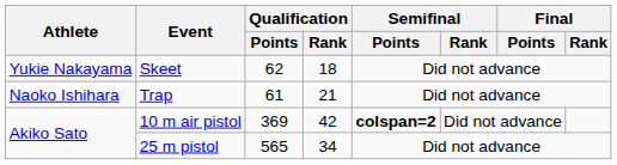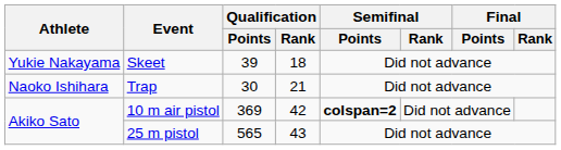 <table class="wikitable" style="font-size:90%">
 <tr>
 <th rowspan="2">Athlete</th>
 <th rowspan="2">Event</th>
 <th colspan=2>Qualification</th>
 <th colspan=2>Semifinal</th>
 <th colspan=2>Final</th>
 </tr>
 <tr style="font-size:95%">
 <th>Points</th>
 <th>Rank</th>
 <th>Points</th>
 <th>Rank</th>
 <th>Points</th>
 <th>Rank</th>
 </tr>
 <tr align=center>
 <td align=left><a href='#'>Yukie Nakayama</a></td>
 <td align=left><a href='#'>Skeet</a></td>
-<td>62</td>
+<td>39</td>
 <td>18</td>
 <td colspan=4>Did not advance</td>
 </tr>
 <tr align=center>
 <td align=left><a href='#'>Naoko Ishihara</a></td>
 <td align=left><a href='#'>Trap</a></td>
-<td>61</td>
+<td>30</td>
 <td>21</td>
 <td colspan=4>Did not advance</td>
 </tr>
 <tr align=center>
 <td align=left rowspan=2><a href='#'>Akiko Sato</a></td>
 <td align=left><a href='#'>10 m air pistol</a></td>
 <td>369</td>
 <td>42</td>
 <td><strong>colspan=2 </strong></td>
 <td colspan=2>Did not advance</td>
 </tr>
 <tr align=center>
 <td align=left><a href='#'>25 m pistol</a></td>
 <td>565</td>
-<td>34</td>
+<td>43</td>
 <td colspan=4>Did not advance</td>
 </tr>
 </table>
